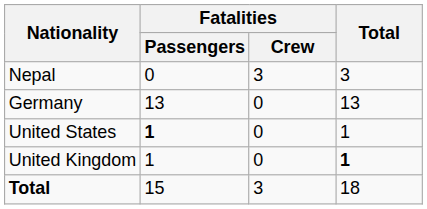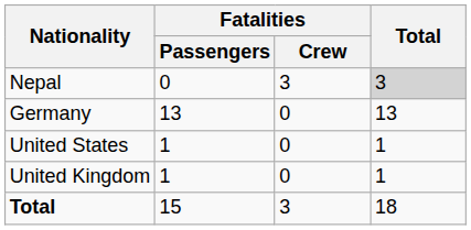 <table class="wikitable">
 <tr>
 <th rowspan=2>Nationality</th>
 <th colspan=2>Fatalities</th>
 <th rowspan="2" style="width:70px;">Total</th>
 </tr>
 <tr>
 <th style="width:70px;">Passengers</th>
 <th style="width:70px;">Crew</th>
 </tr>
 <tr>
 <td>Nepal</td>
 <td>0</td>
 <td>3</td>
-<td>3</td>
+<td style="background: lightgrey;">3</td>
 </tr>
 <tr>
 <td>Germany</td>
 <td>13</td>
 <td>0</td>
 <td>13</td>
 </tr>
 <tr>
 <td>United States</td>
-<td><strong>1</strong></td>
+<td>1</td>
 <td>0</td>
 <td>1</td>
 </tr>
 <tr>
 <td>United Kingdom</td>
 <td>1</td>
 <td>0</td>
-<td><strong>1</strong></td>
+<td>1</td>
 </tr>
 <tr>
 <td><strong>Total</strong></td>
 <td>15</td>
 <td>3</td>
 <td>18</td>
 </tr>
 </table>
